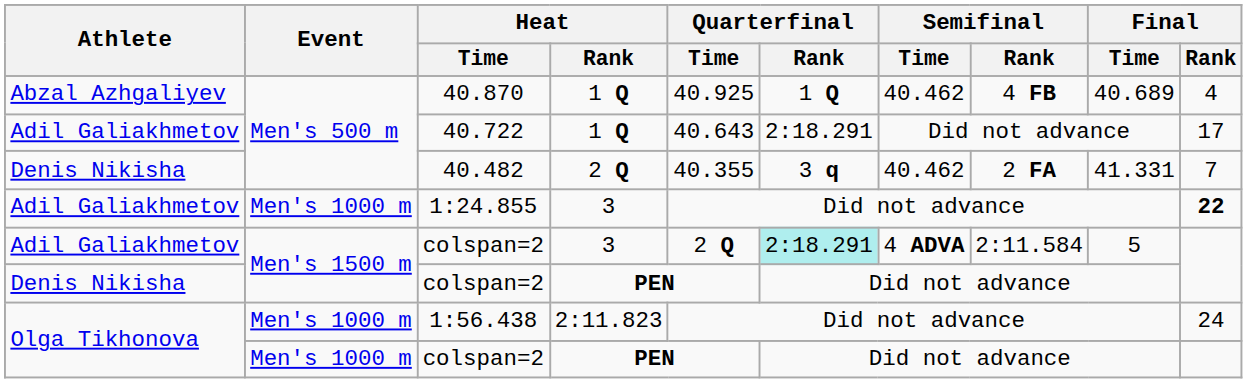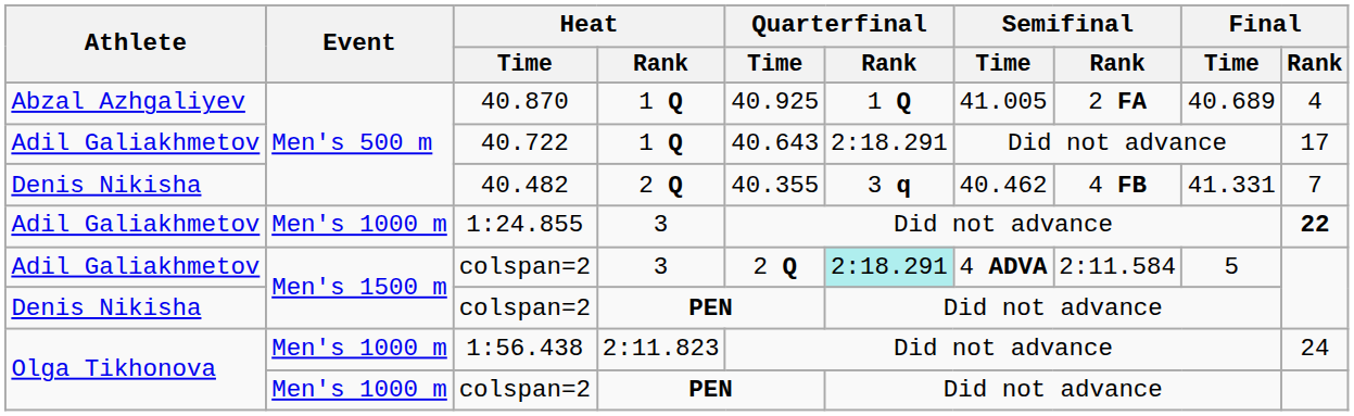 <table class="wikitable" style="font-size:90%">
 <tr>
 <th rowspan=2>Athlete</th>
 <th rowspan=2>Event</th>
 <th colspan=2>Heat</th>
 <th colspan=2>Quarterfinal</th>
 <th colspan=2>Semifinal</th>
 <th colspan=2>Final</th>
 </tr>
 <tr style="font-size:95%">
 <th>Time</th>
 <th>Rank</th>
 <th>Time</th>
 <th>Rank</th>
 <th>Time</th>
 <th>Rank</th>
 <th>Time</th>
 <th>Rank</th>
 </tr>
 <tr align=center>
 <td align=left><a href='#'>Abzal Azhgaliyev</a></td>
 <td align=left rowspan=3><a href='#'>Men's 500 m</a></td>
 <td>40.870</td>
 <td>1 <strong>Q</strong></td>
 <td>40.925</td>
 <td>1 <strong>Q</strong></td>
-<td>40.462</td>
-<td>4 <strong>FB</strong></td>
+<td>41.005</td>
+<td>2 <strong>FA</strong></td>
 <td>40.689</td>
 <td>4</td>
 </tr>
 <tr align=center>
 <td align=left><a href='#'>Adil Galiakhmetov</a></td>
 <td>40.722</td>
 <td>1 <strong>Q</strong></td>
 <td>40.643</td>
 <td>2:18.291</td>
 <td colspan=3>Did not advance</td>
 <td>17</td>
 </tr>
 <tr align=center>
 <td align=left><a href='#'>Denis Nikisha</a></td>
 <td>40.482</td>
 <td>2 <strong>Q</strong></td>
 <td>40.355</td>
 <td>3 <strong>q</strong></td>
 <td>40.462</td>
-<td>2 <strong>FA</strong></td>
+<td>4 <strong>FB</strong></td>
 <td>41.331</td>
 <td>7</td>
 </tr>
 <tr align=center>
 <td align=left><a href='#'>Adil Galiakhmetov</a></td>
 <td align=left><a href='#'>Men's 1000 m</a></td>
 <td>1:24.855</td>
 <td>3</td>
 <td colspan=5>Did not advance</td>
 <td><strong>22</strong></td>
 </tr>
 <tr align=center>
 <td align=left><a href='#'>Adil Galiakhmetov</a></td>
 <td align=left rowspan=2><a href='#'>Men's 1500 m</a></td>
 <td>colspan=2 </td>
 <td>3</td>
 <td>2 <strong>Q</strong></td>
 <td style="background: paleturquoise;">2:18.291</td>
 <td>4 <strong>ADVA</strong></td>
 <td>2:11.584</td>
 <td>5</td>
 </tr>
 <tr align=center>
 <td align=left><a href='#'>Denis Nikisha</a></td>
 <td>colspan=2 </td>
 <td colspan=2><strong>PEN</strong></td>
 <td colspan=4>Did not advance</td>
 </tr>
 <tr align=center>
 <td align=left rowspan=2><a href='#'>Olga Tikhonova</a></td>
 <td align=left><a href='#'>Men's 1000 m</a></td>
 <td>1:56.438</td>
 <td>2:11.823</td>
 <td colspan=5>Did not advance</td>
 <td>24</td>
 </tr>
 <tr align=center>
 <td align=left><a href='#'>Men's 1000 m</a></td>
 <td>colspan=2 </td>
 <td colspan=2><strong>PEN</strong></td>
 <td colspan=4>Did not advance</td>
 </tr>
 </table>
